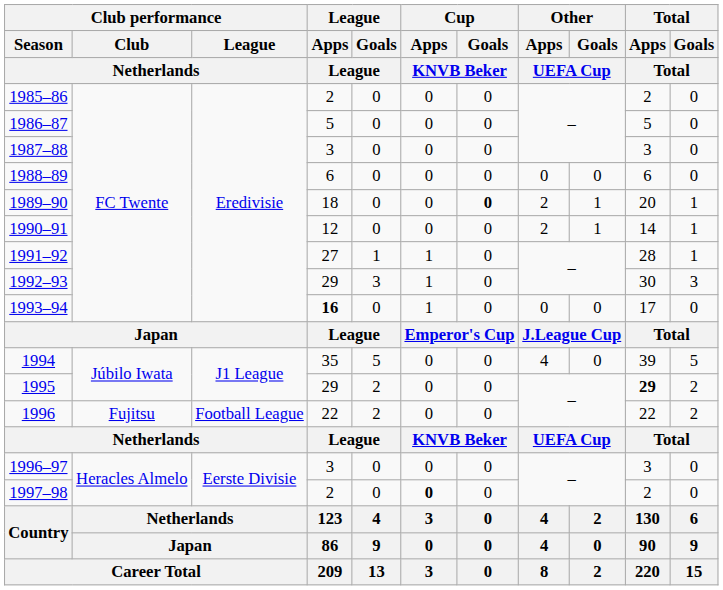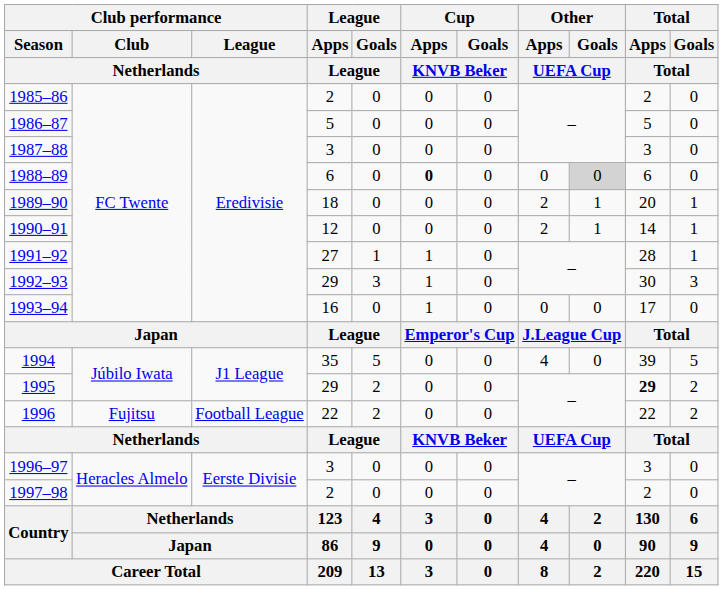 <table class="wikitable" style="text-align:center;">
 <tr>
 <th colspan=3>Club performance</th>
 <th colspan=2>League</th>
 <th colspan=2>Cup</th>
 <th colspan=2>Other</th>
 <th colspan=2>Total</th>
 </tr>
 <tr>
 <th>Season</th>
 <th>Club</th>
 <th>League</th>
 <th>Apps</th>
 <th>Goals</th>
 <th>Apps</th>
 <th>Goals</th>
 <th>Apps</th>
 <th>Goals</th>
 <th>Apps</th>
 <th>Goals</th>
 </tr>
 <tr>
 <th colspan="3">Netherlands</th>
 <th colspan="2">League</th>
 <th colspan="2"><a href='#'>KNVB Beker</a></th>
 <th colspan="2"><a href='#'>UEFA Cup</a></th>
 <th colspan="2">Total</th>
 </tr>
 <tr>
 <td><a href='#'>1985–86</a></td>
 <td rowspan="9"><a href='#'>FC Twente</a></td>
 <td rowspan="9"><a href='#'>Eredivisie</a></td>
 <td>2</td>
 <td>0</td>
 <td>0</td>
 <td>0</td>
 <td colspan="2" rowspan="3">–</td>
 <td>2</td>
 <td>0</td>
 </tr>
 <tr>
 <td><a href='#'>1986–87</a></td>
 <td>5</td>
 <td>0</td>
 <td>0</td>
 <td>0</td>
 <td>5</td>
 <td>0</td>
 </tr>
 <tr>
 <td><a href='#'>1987–88</a></td>
 <td>3</td>
 <td>0</td>
 <td>0</td>
 <td>0</td>
 <td>3</td>
 <td>0</td>
 </tr>
 <tr>
 <td><a href='#'>1988–89</a></td>
 <td>6</td>
 <td>0</td>
+<td><strong>0</strong></td>
 <td>0</td>
 <td>0</td>
-<td>0</td>
-<td>0</td>
+<td style="background: lightgrey;">0</td>
 <td>6</td>
 <td>0</td>
 </tr>
 <tr>
 <td><a href='#'>1989–90</a></td>
 <td>18</td>
 <td>0</td>
 <td>0</td>
-<td><strong>0</strong></td>
+<td>0</td>
 <td>2</td>
 <td>1</td>
 <td>20</td>
 <td>1</td>
 </tr>
 <tr>
 <td><a href='#'>1990–91</a></td>
 <td>12</td>
 <td>0</td>
 <td>0</td>
 <td>0</td>
 <td>2</td>
 <td>1</td>
 <td>14</td>
 <td>1</td>
 </tr>
 <tr>
 <td><a href='#'>1991–92</a></td>
 <td>27</td>
 <td>1</td>
 <td>1</td>
 <td>0</td>
 <td colspan="2" rowspan="2">–</td>
 <td>28</td>
 <td>1</td>
 </tr>
 <tr>
 <td><a href='#'>1992–93</a></td>
 <td>29</td>
 <td>3</td>
 <td>1</td>
 <td>0</td>
 <td>30</td>
 <td>3</td>
 </tr>
 <tr>
 <td><a href='#'>1993–94</a></td>
-<td><strong>16</strong></td>
+<td>16</td>
 <td>0</td>
 <td>1</td>
 <td>0</td>
 <td>0</td>
 <td>0</td>
 <td>17</td>
 <td>0</td>
 </tr>
 <tr>
 <th colspan=3>Japan</th>
 <th colspan=2>League</th>
 <th colspan=2><a href='#'>Emperor's Cup</a></th>
 <th colspan=2><a href='#'>J.League Cup</a></th>
 <th colspan=2>Total</th>
 </tr>
 <tr>
 <td><a href='#'>1994</a></td>
 <td rowspan="2"><a href='#'>Júbilo Iwata</a></td>
 <td rowspan="2"><a href='#'>J1 League</a></td>
 <td>35</td>
 <td>5</td>
 <td>0</td>
 <td>0</td>
 <td>4</td>
 <td>0</td>
 <td>39</td>
 <td>5</td>
 </tr>
 <tr>
 <td><a href='#'>1995</a></td>
 <td>29</td>
 <td>2</td>
 <td>0</td>
 <td>0</td>
 <td colspan="2" rowspan="2">–</td>
 <td><strong>29</strong></td>
 <td>2</td>
 </tr>
 <tr>
 <td><a href='#'>1996</a></td>
 <td><a href='#'>Fujitsu</a></td>
 <td><a href='#'>Football League</a></td>
 <td>22</td>
 <td>2</td>
 <td>0</td>
 <td>0</td>
 <td>22</td>
 <td>2</td>
 </tr>
 <tr>
 <th colspan="3">Netherlands</th>
 <th colspan="2">League</th>
 <th colspan="2"><a href='#'>KNVB Beker</a></th>
 <th colspan="2"><a href='#'>UEFA Cup</a></th>
 <th colspan="2">Total</th>
 </tr>
 <tr>
 <td><a href='#'>1996–97</a></td>
 <td rowspan="2"><a href='#'>Heracles Almelo</a></td>
 <td rowspan="2"><a href='#'>Eerste Divisie</a></td>
 <td>3</td>
 <td>0</td>
 <td>0</td>
 <td>0</td>
 <td colspan="2" rowspan="2">–</td>
 <td>3</td>
 <td>0</td>
 </tr>
 <tr>
 <td><a href='#'>1997–98</a></td>
 <td>2</td>
 <td>0</td>
-<td><strong>0</strong></td>
+<td>0</td>
 <td>0</td>
 <td>2</td>
 <td>0</td>
 </tr>
 <tr>
 <th rowspan="2">Country</th>
 <th colspan="2">Netherlands</th>
 <th>123</th>
 <th>4</th>
 <th>3</th>
 <th>0</th>
 <th>4</th>
 <th>2</th>
 <th>130</th>
 <th>6</th>
 </tr>
 <tr>
 <th colspan="2">Japan</th>
 <th>86</th>
 <th>9</th>
 <th>0</th>
 <th>0</th>
 <th>4</th>
 <th>0</th>
 <th>90</th>
 <th>9</th>
 </tr>
 <tr>
 <th colspan="3">Career Total</th>
 <th>209</th>
 <th>13</th>
 <th>3</th>
 <th>0</th>
 <th>8</th>
 <th>2</th>
 <th>220</th>
 <th>15</th>
 </tr>
 </table>
